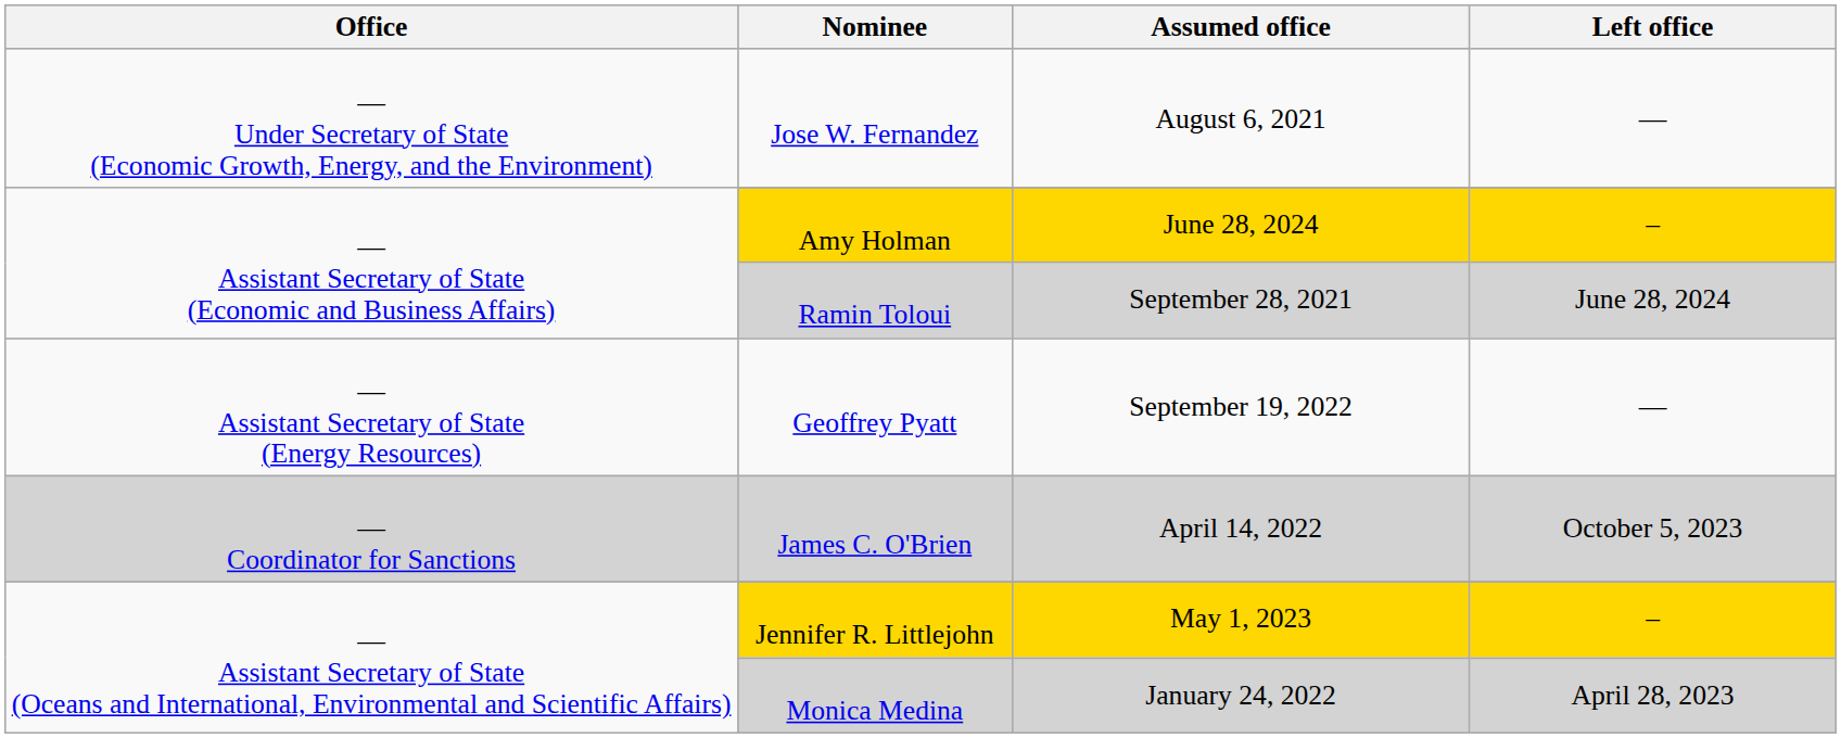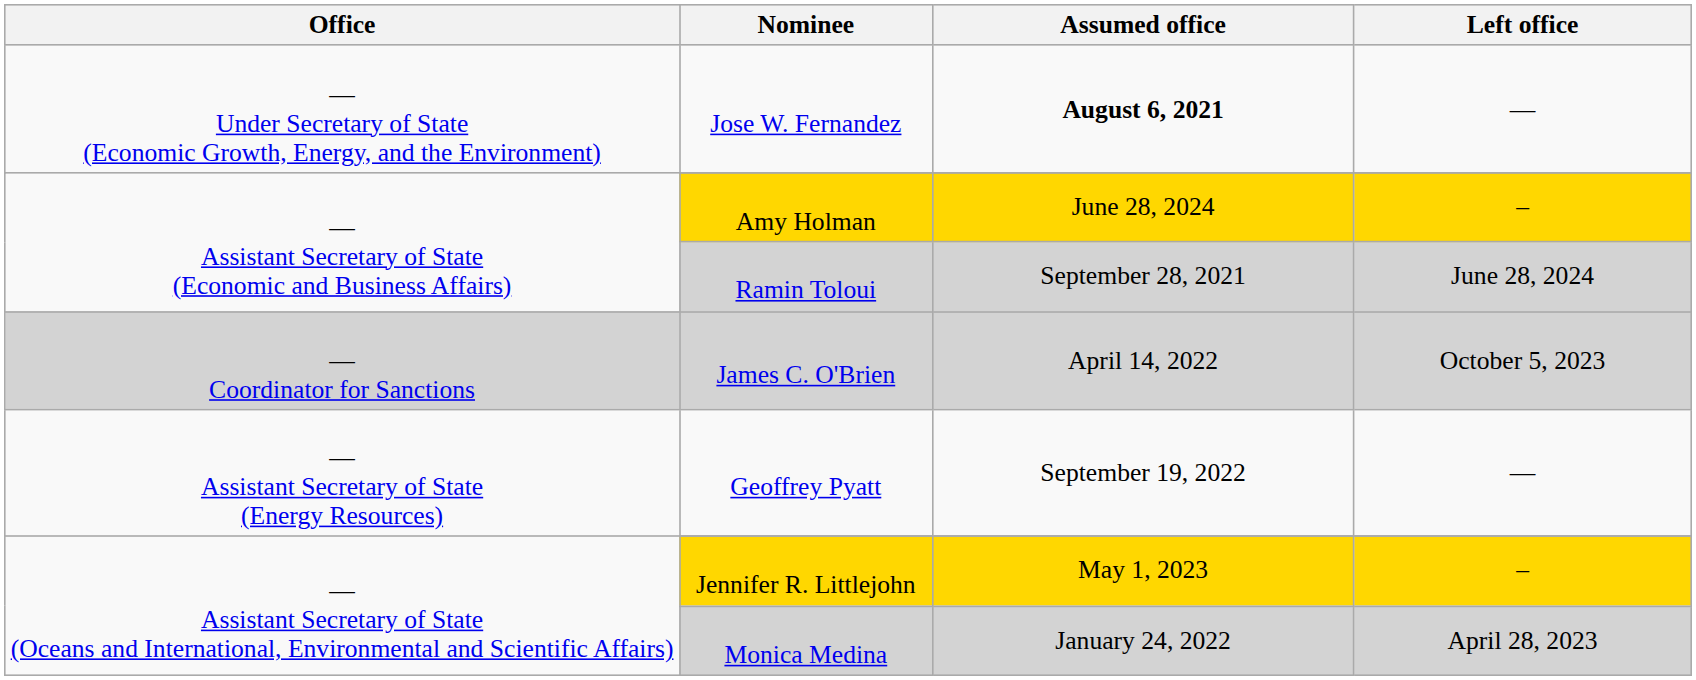 <table class="wikitable sortable" style="text-align:center">
 <tr>
 <th style="width:40%;">Office</th>
 <th style="width:15%;">Nominee</th>
 <th style="width:25%;" data-sort-type="date">Assumed office</th>
 <th style="width:20%;" data-sort-type="date">Left office</th>
 </tr>
 <tr>
 <td><br>—<br><a href='#'>Under Secretary of State<br>(Economic Growth, Energy, and the Environment)</a></td>
 <td><br><a href='#'>Jose W. Fernandez</a></td>
-<td>August 6, 2021<br></td>
+<td><strong>August 6, 2021<br></strong></td>
 <td>—</td>
 </tr>
 <tr>
 <td rowspan=3><br>—<br><a href='#'>Assistant Secretary of State<br>(Economic and Business Affairs)</a></td>
 </tr>
 <tr style="background:gold;">
 <td><br> Amy Holman</td>
 <td>June 28, 2024</td>
 <td>–</td>
 </tr>
 <tr style="background:lightgray">
 <td><br><a href='#'>Ramin Toloui</a></td>
 <td>September 28, 2021<br></td>
 <td>June 28, 2024</td>
 </tr>
+<tr style="background:lightgray;">
+<td><br>—<br><a href='#'>Coordinator for Sanctions</a><br> </td>
+<td><br><a href='#'>James C. O'Brien</a></td>
+<td>April 14, 2022<br></td>
+<td>October 5, 2023</td>
+</tr>
 <tr>
 <td><br>—<br><a href='#'>Assistant Secretary of State<br>(Energy Resources)</a></td>
 <td><br><a href='#'>Geoffrey Pyatt</a></td>
 <td>September 19, 2022<br></td>
 <td>—</td>
-</tr>
-<tr style="background:lightgray;">
-<td><br>—<br><a href='#'>Coordinator for Sanctions</a><br> </td>
-<td><br><a href='#'>James C. O'Brien</a></td>
-<td>April 14, 2022<br></td>
-<td>October 5, 2023</td>
 </tr>
 <tr>
 <td rowspan="3"><br>—<br><a href='#'>Assistant Secretary of State<br>(Oceans and International, Environmental  and Scientific Affairs)</a></td>
 </tr>
 <tr style="background:gold;">
 <td><br>Jennifer R. Littlejohn</td>
 <td>May 1, 2023</td>
 <td>–</td>
 </tr>
 <tr style="background:lightgray;">
 <td><br><a href='#'>Monica Medina</a></td>
 <td>January 24, 2022<br></td>
 <td>April 28, 2023</td>
 </tr>
 </table>
